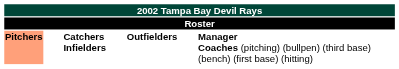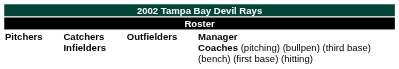 <table class="toccolours" style="font-size: 95%;">
 <tr>
 <th colspan="10" style="background-color: #004638; color: #fff; text-align: center;">2002 Tampa Bay Devil Rays</th>
 </tr>
 <tr>
 <td colspan="10" style="background-color: #000; color: #FFF; text-align: center;"><strong>Roster</strong></td>
 </tr>
 <tr>
-<td valign="top" style="background: lightsalmon;"><strong>Pitchers</strong><br>                     </td>
+<td valign="top"><strong>Pitchers</strong><br>                     </td>
 <td width="25px"></td>
 <td valign="top"><strong>Catchers</strong><br>   <strong>Infielders</strong>           </td>
 <td width="25px"></td>
 <td valign="top"><strong>Outfielders</strong><br>      </td>
 <td width="25px"></td>
 <td valign="top"><strong>Manager</strong><br> <strong>Coaches</strong>  (pitching)  (bullpen)  (third base)  (bench)  (first base)  (hitting)</td>
 </tr>
 <tr>
 </tr>
 </table>
